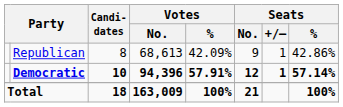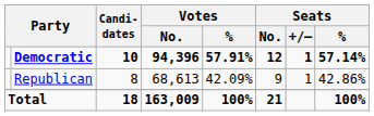 <table class="wikitable" style="font-size:100%; text-align:right;">
 <tr>
 <th colspan=2 rowspan=2>Party</th>
 <th rowspan=2><small>Candi-<br>dates</small></th>
 <th colspan=2>Votes</th>
 <th colspan=3>Seats</th>
 </tr>
 <tr>
 <th>No.</th>
 <th>%</th>
 <th>No.</th>
 <th>+/–</th>
 <th>%</th>
 </tr>
 <tr>
 <td style="background:"></td>
+<td align=left><strong><a href='#'>Democratic</a></strong></td>
+<td><strong>10</strong></td>
+<td><strong>94,396</strong></td>
+<td><strong>57.91%</strong></td>
+<td><strong>12</strong></td>
+<td><strong>1</strong></td>
+<td><strong>57.14%</strong></td>
+</tr>
+<tr>
+<td style="background:"></td>
 <td align=left><a href='#'>Republican</a></td>
 <td>8</td>
 <td>68,613</td>
 <td>42.09%</td>
 <td>9</td>
 <td>1</td>
 <td>42.86%</td>
-</tr>
-<tr>
-<td style="background:"></td>
-<td align=left><strong><a href='#'>Democratic</a></strong></td>
-<td><strong>10</strong></td>
-<td><strong>94,396</strong></td>
-<td><strong>57.91%</strong></td>
-<td><strong>12</strong></td>
-<td><strong>1</strong></td>
-<td><strong>57.14%</strong></td>
 </tr>
 <tr>
 </tr>
 <tr style="font-weight:bold">
 <td colspan=2 align=left>Total</td>
 <td>18</td>
 <td>163,009</td>
 <td>100%</td>
 <td>21</td>
 <td></td>
 <td>100%</td>
 </tr>
 </table>
